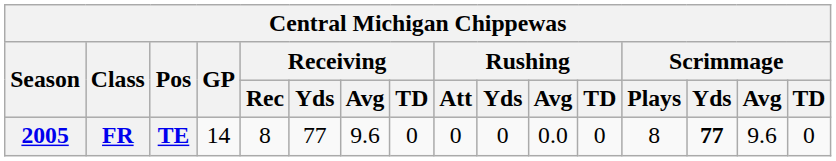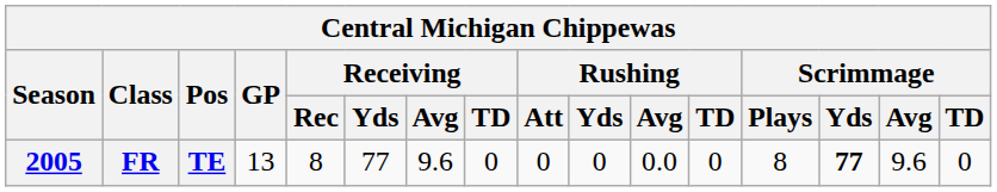 <table class="wikitable" style="text-align:center;">
 <tr>
 <th colspan="16">Central Michigan Chippewas</th>
 </tr>
 <tr>
 <th rowspan="2">Season</th>
 <th rowspan="2">Class</th>
 <th rowspan="2">Pos</th>
 <th rowspan="2">GP</th>
 <th colspan="4">Receiving</th>
 <th colspan="4">Rushing</th>
 <th colspan="4">Scrimmage</th>
 </tr>
 <tr>
 <th>Rec</th>
 <th>Yds</th>
 <th>Avg</th>
 <th>TD</th>
 <th>Att</th>
 <th>Yds</th>
 <th>Avg</th>
 <th>TD</th>
 <th>Plays</th>
 <th>Yds</th>
 <th>Avg</th>
 <th>TD</th>
 </tr>
 <tr>
 <th><a href='#'>2005</a></th>
 <th><a href='#'>FR</a></th>
 <th><a href='#'>TE</a></th>
-<td>14</td>
+<td>13</td>
 <td>8</td>
 <td>77</td>
 <td>9.6</td>
 <td>0</td>
 <td>0</td>
 <td>0</td>
 <td>0.0</td>
 <td>0</td>
 <td>8</td>
 <td><strong>77</strong></td>
 <td>9.6</td>
 <td>0</td>
 </tr>
 </table>
